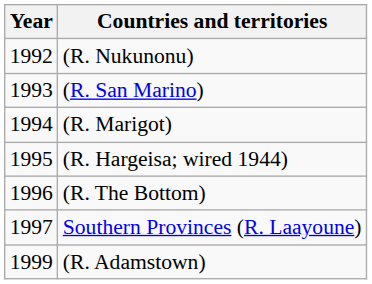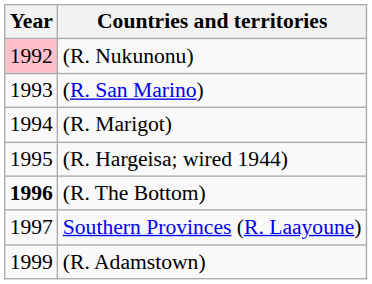 <table class="wikitable">
 <tr>
 <th>Year</th>
 <th>Countries and territories</th>
 </tr>
 <tr>
-<td>1992</td>
+<td style="background: pink;">1992</td>
 <td> (R. Nukunonu)</td>
 </tr>
 <tr>
 <td>1993</td>
 <td> (<a href='#'>R. San Marino</a>)</td>
 </tr>
 <tr>
 <td>1994</td>
 <td> (R. Marigot)</td>
 </tr>
 <tr>
 <td>1995</td>
 <td> (R. Hargeisa; wired 1944)</td>
 </tr>
 <tr>
-<td>1996</td>
+<td><strong>1996</strong></td>
 <td> (R. The Bottom)</td>
 </tr>
 <tr>
 <td>1997</td>
 <td> <a href='#'>Southern Provinces</a> (<a href='#'>R. Laayoune</a>)</td>
 </tr>
 <tr>
 <td>1999</td>
 <td> (R. Adamstown)</td>
 </tr>
 </table>
